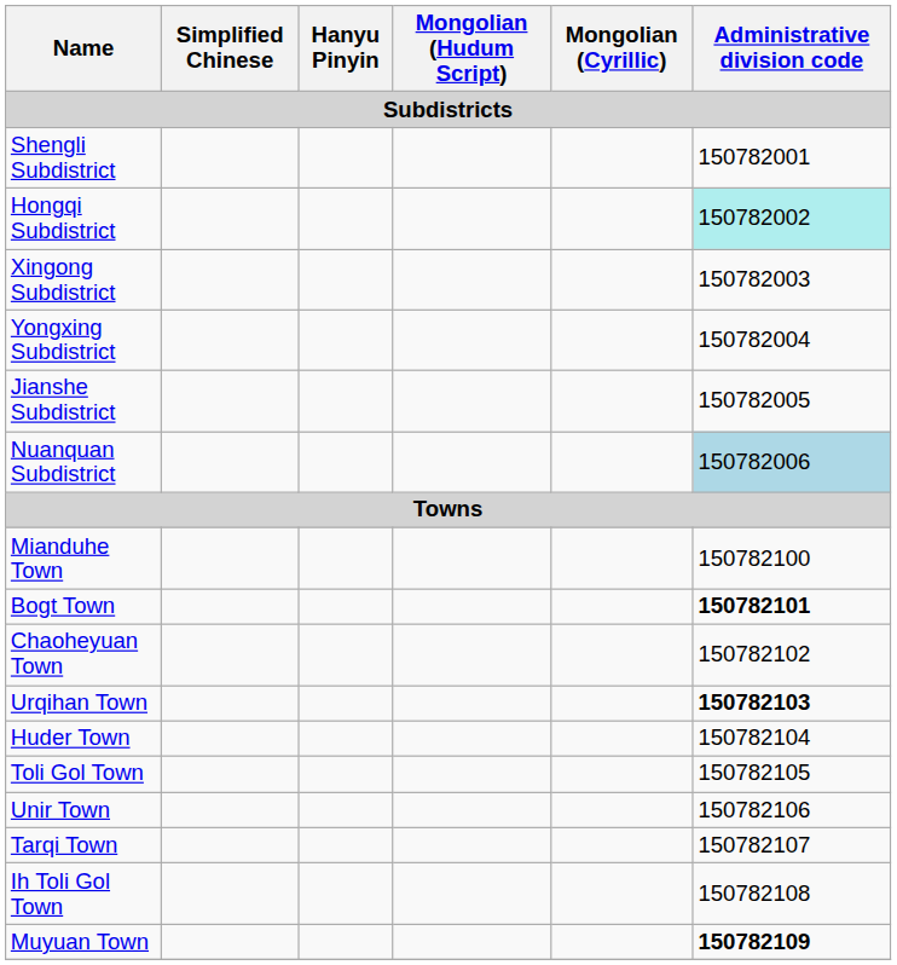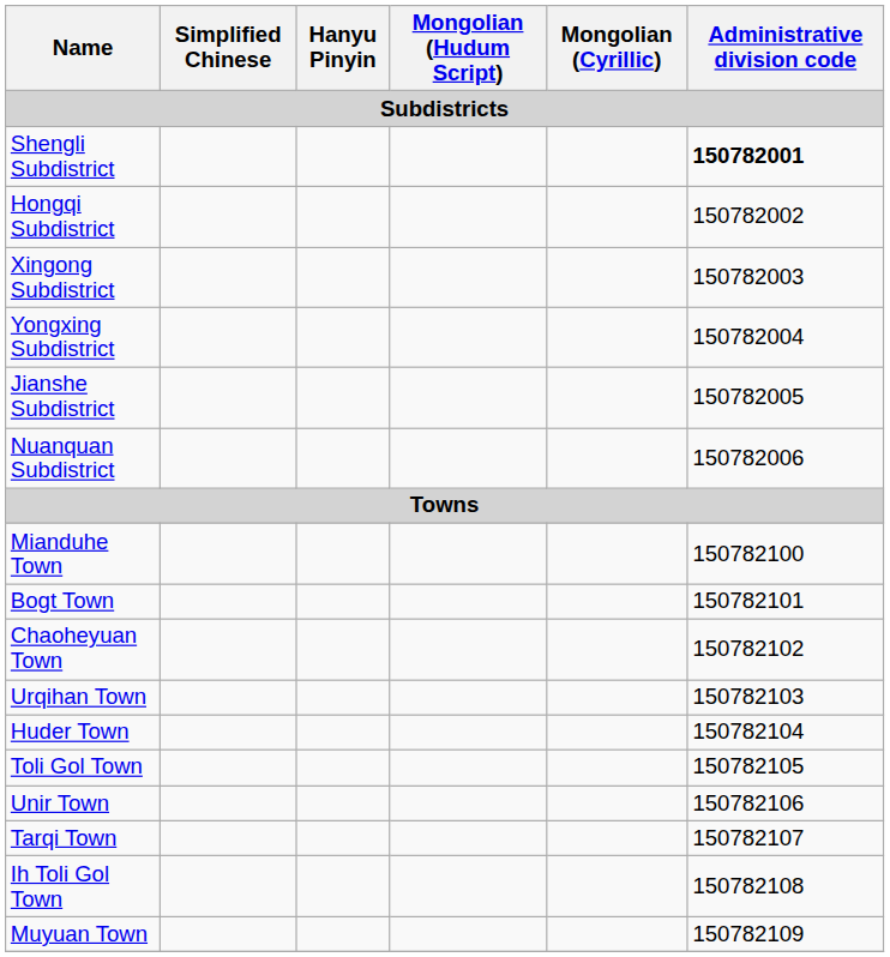 <table class="wikitable" align="center" style="width:50%; border="1">
 <tr>
 <th>Name</th>
 <th>Simplified Chinese</th>
 <th>Hanyu Pinyin</th>
 <th><a href='#'>Mongolian</a> (<a href='#'>Hudum Script</a>)</th>
 <th>Mongolian (<a href='#'>Cyrillic</a>)</th>
 <th><a href='#'>Administrative division code</a></th>
 </tr>
 <tr>
 <td colspan="6"  style="text-align:center; background:#d3d3d3;"><strong>Subdistricts</strong></td>
 </tr>
 <tr --------->
 <td><a href='#'>Shengli Subdistrict</a></td>
 <td></td>
 <td></td>
 <td></td>
 <td></td>
-<td>150782001</td>
+<td><strong>150782001</strong></td>
 </tr>
 <tr>
 <td><a href='#'>Hongqi Subdistrict</a></td>
 <td></td>
 <td></td>
 <td></td>
 <td></td>
-<td style="background: paleturquoise;">150782002</td>
+<td>150782002</td>
 </tr>
 <tr>
 <td><a href='#'>Xingong Subdistrict</a></td>
 <td></td>
 <td></td>
 <td></td>
 <td></td>
 <td>150782003</td>
 </tr>
 <tr>
 <td><a href='#'>Yongxing Subdistrict</a></td>
 <td></td>
 <td></td>
 <td></td>
 <td></td>
 <td>150782004</td>
 </tr>
 <tr>
 <td><a href='#'>Jianshe Subdistrict</a></td>
 <td></td>
 <td></td>
 <td></td>
 <td></td>
 <td>150782005</td>
 </tr>
 <tr>
 <td><a href='#'>Nuanquan Subdistrict</a></td>
 <td></td>
 <td></td>
 <td></td>
 <td></td>
-<td style="background: lightblue;">150782006</td>
+<td>150782006</td>
 </tr>
 <tr>
 <td colspan="6"  style="text-align:center; background:#d3d3d3;"><strong>Towns</strong></td>
 </tr>
 <tr --------->
 <td><a href='#'>Mianduhe Town</a></td>
 <td></td>
 <td></td>
 <td></td>
 <td></td>
 <td>150782100</td>
 </tr>
 <tr>
 <td><a href='#'>Bogt Town</a></td>
 <td></td>
 <td></td>
 <td></td>
 <td></td>
-<td><strong>150782101</strong></td>
+<td>150782101</td>
 </tr>
 <tr>
 <td><a href='#'>Chaoheyuan Town</a></td>
 <td></td>
 <td></td>
 <td></td>
 <td></td>
 <td>150782102</td>
 </tr>
 <tr>
 <td><a href='#'>Urqihan Town</a></td>
 <td></td>
 <td></td>
 <td></td>
 <td></td>
-<td><strong>150782103</strong></td>
+<td>150782103</td>
 </tr>
 <tr>
 <td><a href='#'>Huder Town</a></td>
 <td></td>
 <td></td>
 <td></td>
 <td></td>
 <td>150782104</td>
 </tr>
 <tr>
 <td><a href='#'>Toli Gol Town</a></td>
 <td></td>
 <td></td>
 <td></td>
 <td></td>
 <td>150782105</td>
 </tr>
 <tr>
 <td><a href='#'>Unir Town</a></td>
 <td></td>
 <td></td>
 <td></td>
 <td></td>
 <td>150782106</td>
 </tr>
 <tr>
 <td><a href='#'>Tarqi Town</a></td>
 <td></td>
 <td></td>
 <td></td>
 <td></td>
 <td>150782107</td>
 </tr>
 <tr>
 <td><a href='#'>Ih Toli Gol Town</a></td>
 <td></td>
 <td></td>
 <td></td>
 <td></td>
 <td>150782108</td>
 </tr>
 <tr>
 <td><a href='#'>Muyuan Town</a></td>
 <td></td>
 <td></td>
 <td></td>
 <td></td>
-<td><strong>150782109</strong></td>
+<td>150782109</td>
 </tr>
 <tr>
 </tr>
 </table>
